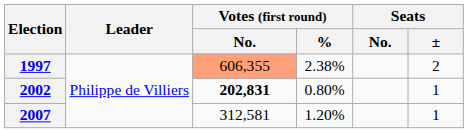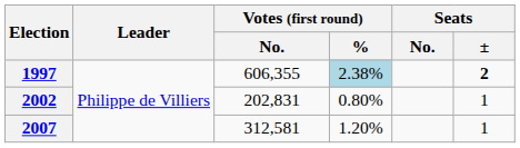 <table class=wikitable style="text-align:center">
 <tr>
 <th rowspan=2>Election</th>
 <th rowspan=2>Leader</th>
 <th colspan=2>Votes <small>(first round)</small></th>
 <th colspan=2>Seats</th>
 </tr>
 <tr>
 <th style="width:100px">No.</th>
 <th style="width:50px">%</th>
 <th style="width:50px">No.</th>
 <th style="width:50px">±</th>
 </tr>
 <tr>
 <th><a href='#'>1997</a></th>
 <td rowspan="3"><a href='#'>Philippe de Villiers</a></td>
-<td style="background: lightsalmon;">606,355</td>
-<td>2.38%</td>
+<td>606,355</td>
+<td style="background: lightblue;">2.38%</td>
 <td style="text-align:right;"></td>
-<td> 2</td>
+<td><strong> 2</strong></td>
 </tr>
 <tr>
 <th><a href='#'>2002</a></th>
-<td><strong>202,831</strong></td>
+<td>202,831</td>
 <td>0.80%</td>
 <td style="text-align:right;"></td>
 <td> 1</td>
 </tr>
 <tr>
 <th><a href='#'>2007</a></th>
 <td>312,581</td>
 <td>1.20%</td>
 <td style="text-align:right;"></td>
 <td> 1</td>
 </tr>
 </table>
